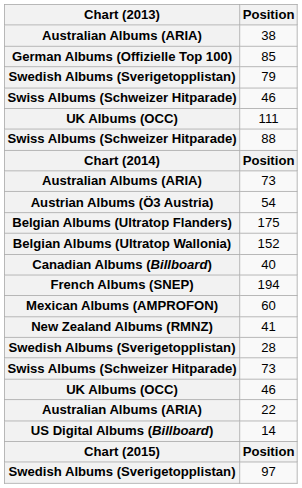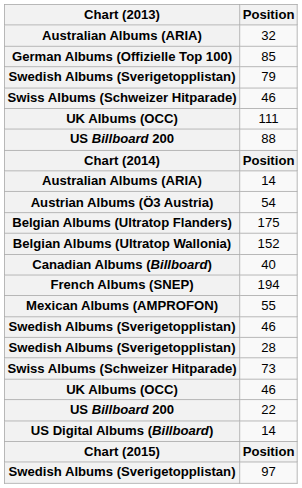 <table class="wikitable plainrowheaders sortable" style="text-align:center;">
 <tr>
 <th scope="col">Chart (2013)</th>
 <th scope="col">Position</th>
 </tr>
 <tr>
 <th scope="row">Australian Albums (ARIA)</th>
-<td>38</td>
+<td>32</td>
 </tr>
 <tr>
 <th scope="row">German Albums (Offizielle Top 100)</th>
 <td>85</td>
 </tr>
 <tr>
 <th scope="row">Swedish Albums (Sverigetopplistan)</th>
 <td>79</td>
 </tr>
 <tr>
 <th scope="row">Swiss Albums (Schweizer Hitparade)</th>
 <td align="center">46</td>
 </tr>
 <tr>
 <th scope="row">UK Albums (OCC)</th>
 <td>111</td>
 </tr>
 <tr>
-<th scope="row">Swiss Albums (Schweizer Hitparade)</th>
+<th scope="row">US <em>Billboard</em> 200</th>
 <td>88</td>
 </tr>
 <tr>
 <th scope="col">Chart (2014)</th>
 <th scope="col">Position</th>
 </tr>
 <tr>
 <th scope="row">Australian Albums (ARIA)</th>
-<td>73</td>
+<td>14</td>
 </tr>
 <tr>
 <th scope="row">Austrian Albums (Ö3 Austria)</th>
 <td>54</td>
 </tr>
 <tr>
 <th scope="row">Belgian Albums (Ultratop Flanders)</th>
 <td>175</td>
 </tr>
 <tr>
 <th scope="row">Belgian Albums (Ultratop Wallonia)</th>
 <td>152</td>
 </tr>
 <tr>
 <th scope="row">Canadian Albums (<em>Billboard</em>)</th>
 <td>40</td>
 </tr>
 <tr>
 <th scope="row">French Albums (SNEP)</th>
 <td>194</td>
 </tr>
 <tr>
 <th scope="row">Mexican Albums (AMPROFON)</th>
-<td align="center">60</td>
+<td align="center">55</td>
 </tr>
 <tr>
-<th scope="row">New Zealand Albums (RMNZ)</th>
-<td>41</td>
+<th scope="row">Swedish Albums (Sverigetopplistan)</th>
+<td>46</td>
 </tr>
 <tr>
 <th scope="row">Swedish Albums (Sverigetopplistan)</th>
 <td>28</td>
 </tr>
 <tr>
 <th scope="row">Swiss Albums (Schweizer Hitparade)</th>
 <td>73</td>
 </tr>
 <tr>
 <th scope="row">UK Albums (OCC)</th>
 <td>46</td>
 </tr>
 <tr>
-<th scope="row">Australian Albums (ARIA)</th>
+<th scope="row">US <em>Billboard</em> 200</th>
 <td>22</td>
 </tr>
 <tr>
 <th scope="row">US Digital Albums (<em>Billboard</em>)</th>
 <td>14</td>
 </tr>
 <tr>
 <th scope="col">Chart (2015)</th>
 <th scope="col">Position</th>
 </tr>
 <tr>
 <th scope="row">Swedish Albums (Sverigetopplistan)</th>
 <td>97</td>
 </tr>
 </table>
